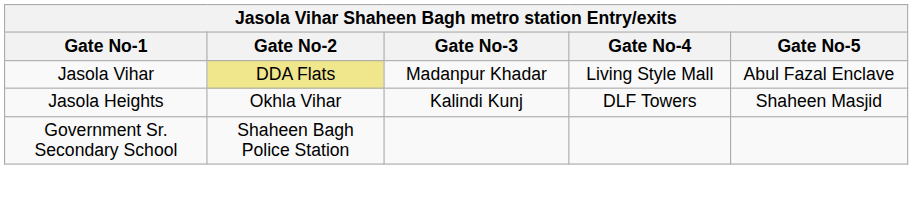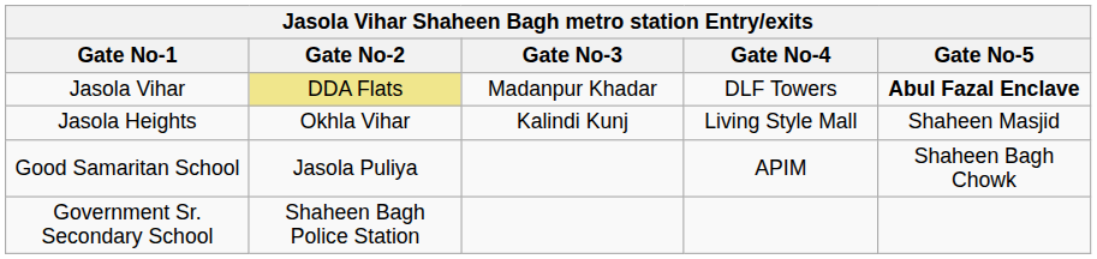 <table class="wikitable" style="text-align: center;" width="65%">
 <tr>
 <th align="center" colspan="5" style="background:#"><span>Jasola Vihar Shaheen Bagh metro station Entry/exits</span></th>
 </tr>
 <tr>
 <th style="width:5%;">Gate No-1</th>
 <th style="width:5%;">Gate No-2</th>
 <th style="width:5%;">Gate No-3</th>
 <th style="width:5%;">Gate No-4</th>
 <th style="width:5%;">Gate No-5</th>
 </tr>
 <tr>
 <td>Jasola Vihar</td>
 <td style="background: khaki;">DDA Flats</td>
 <td>Madanpur Khadar</td>
-<td>Living Style Mall</td>
-<td>Abul Fazal Enclave</td>
+<td>DLF Towers</td>
+<td><strong>Abul Fazal Enclave</strong></td>
 </tr>
 <tr>
 <td>Jasola Heights</td>
 <td>Okhla Vihar</td>
 <td>Kalindi Kunj</td>
-<td>DLF Towers</td>
+<td>Living Style Mall</td>
 <td>Shaheen Masjid</td>
+</tr>
+<tr>
+<td>Good Samaritan School</td>
+<td>Jasola Puliya</td>
+<td></td>
+<td>APIM</td>
+<td>Shaheen Bagh Chowk</td>
 </tr>
 <tr>
 <td>Government Sr. Secondary School</td>
 <td>Shaheen Bagh Police Station</td>
 <td></td>
 <td></td>
 <td></td>
 </tr>
 </table>
